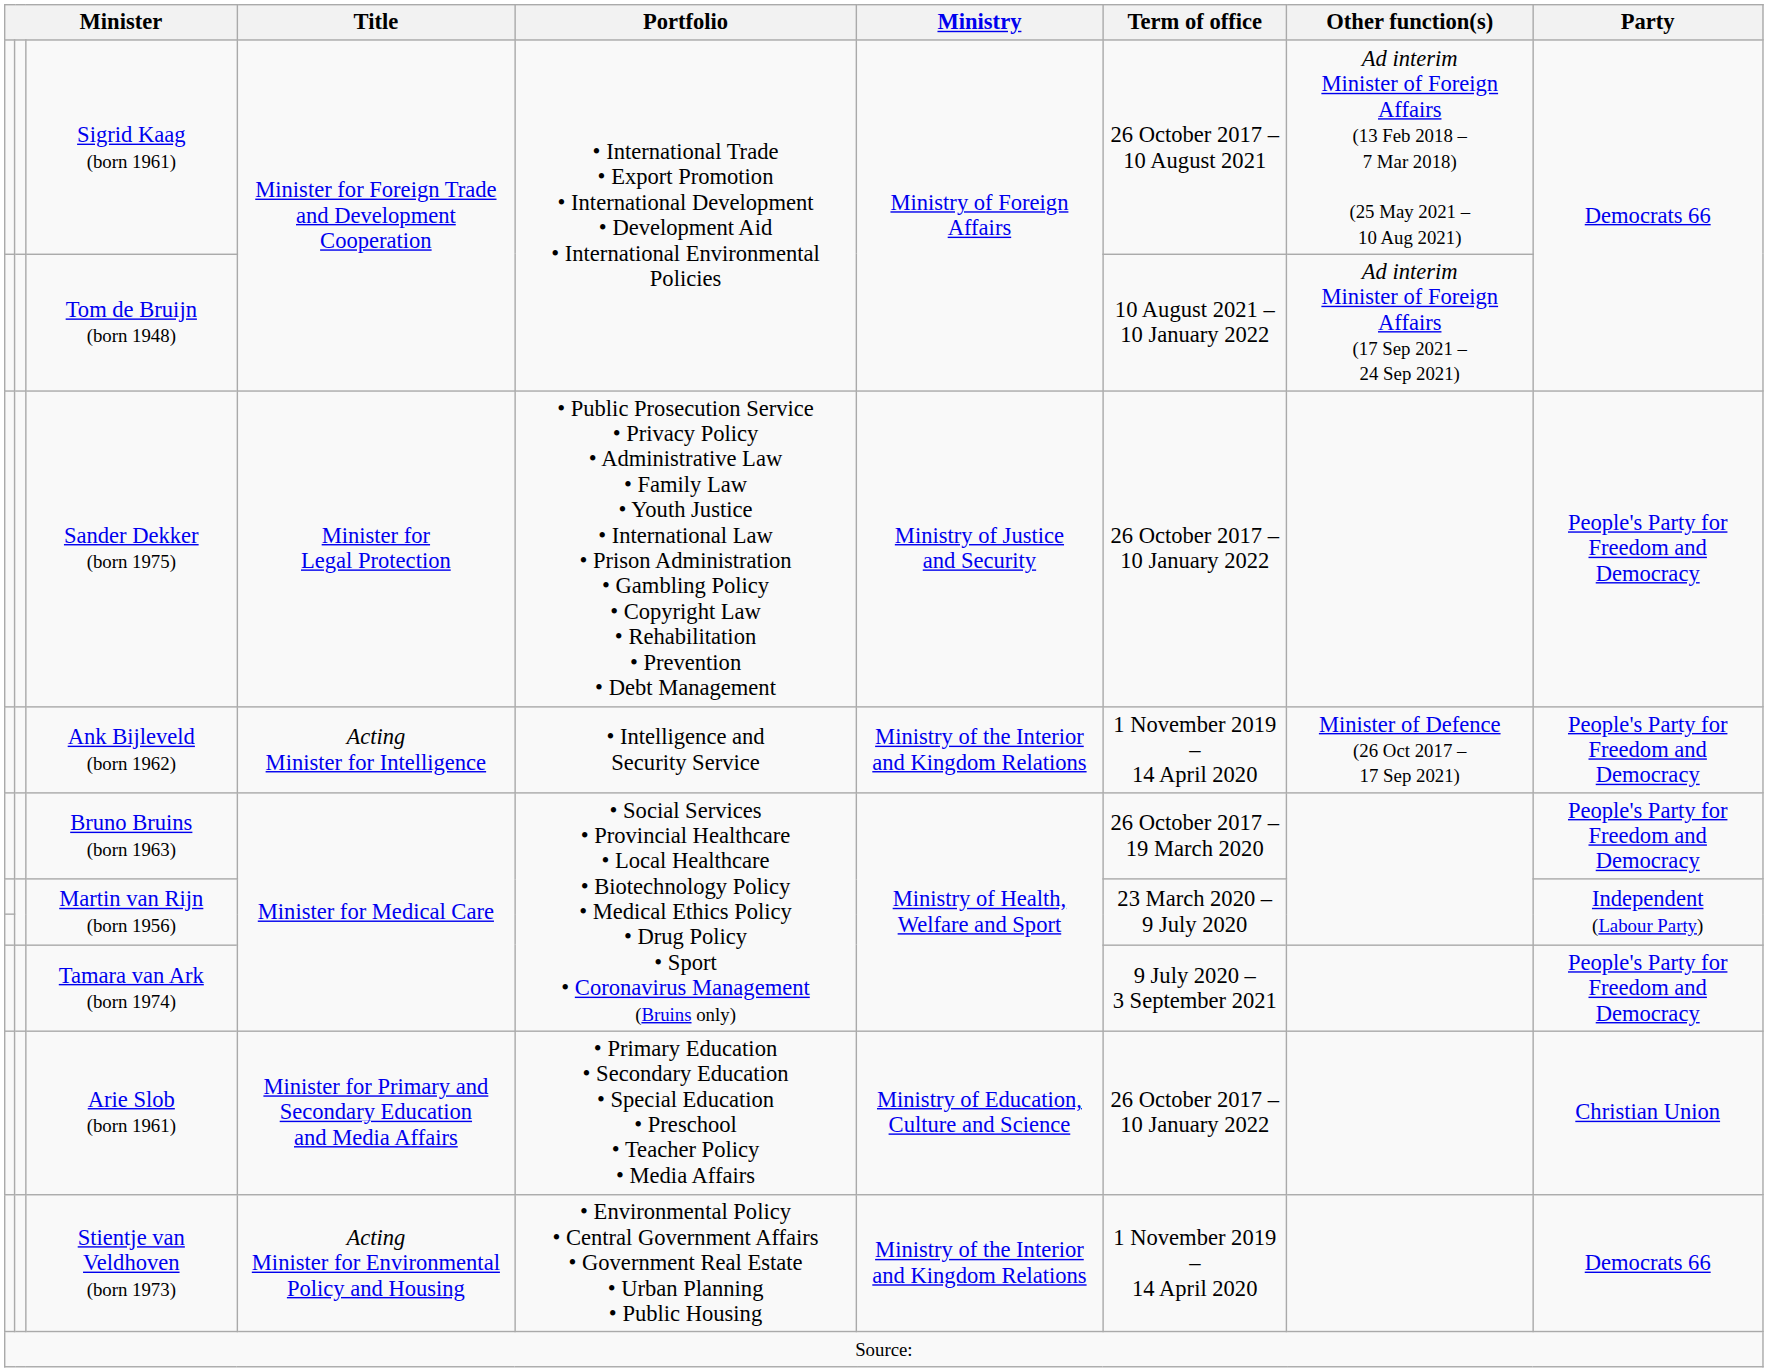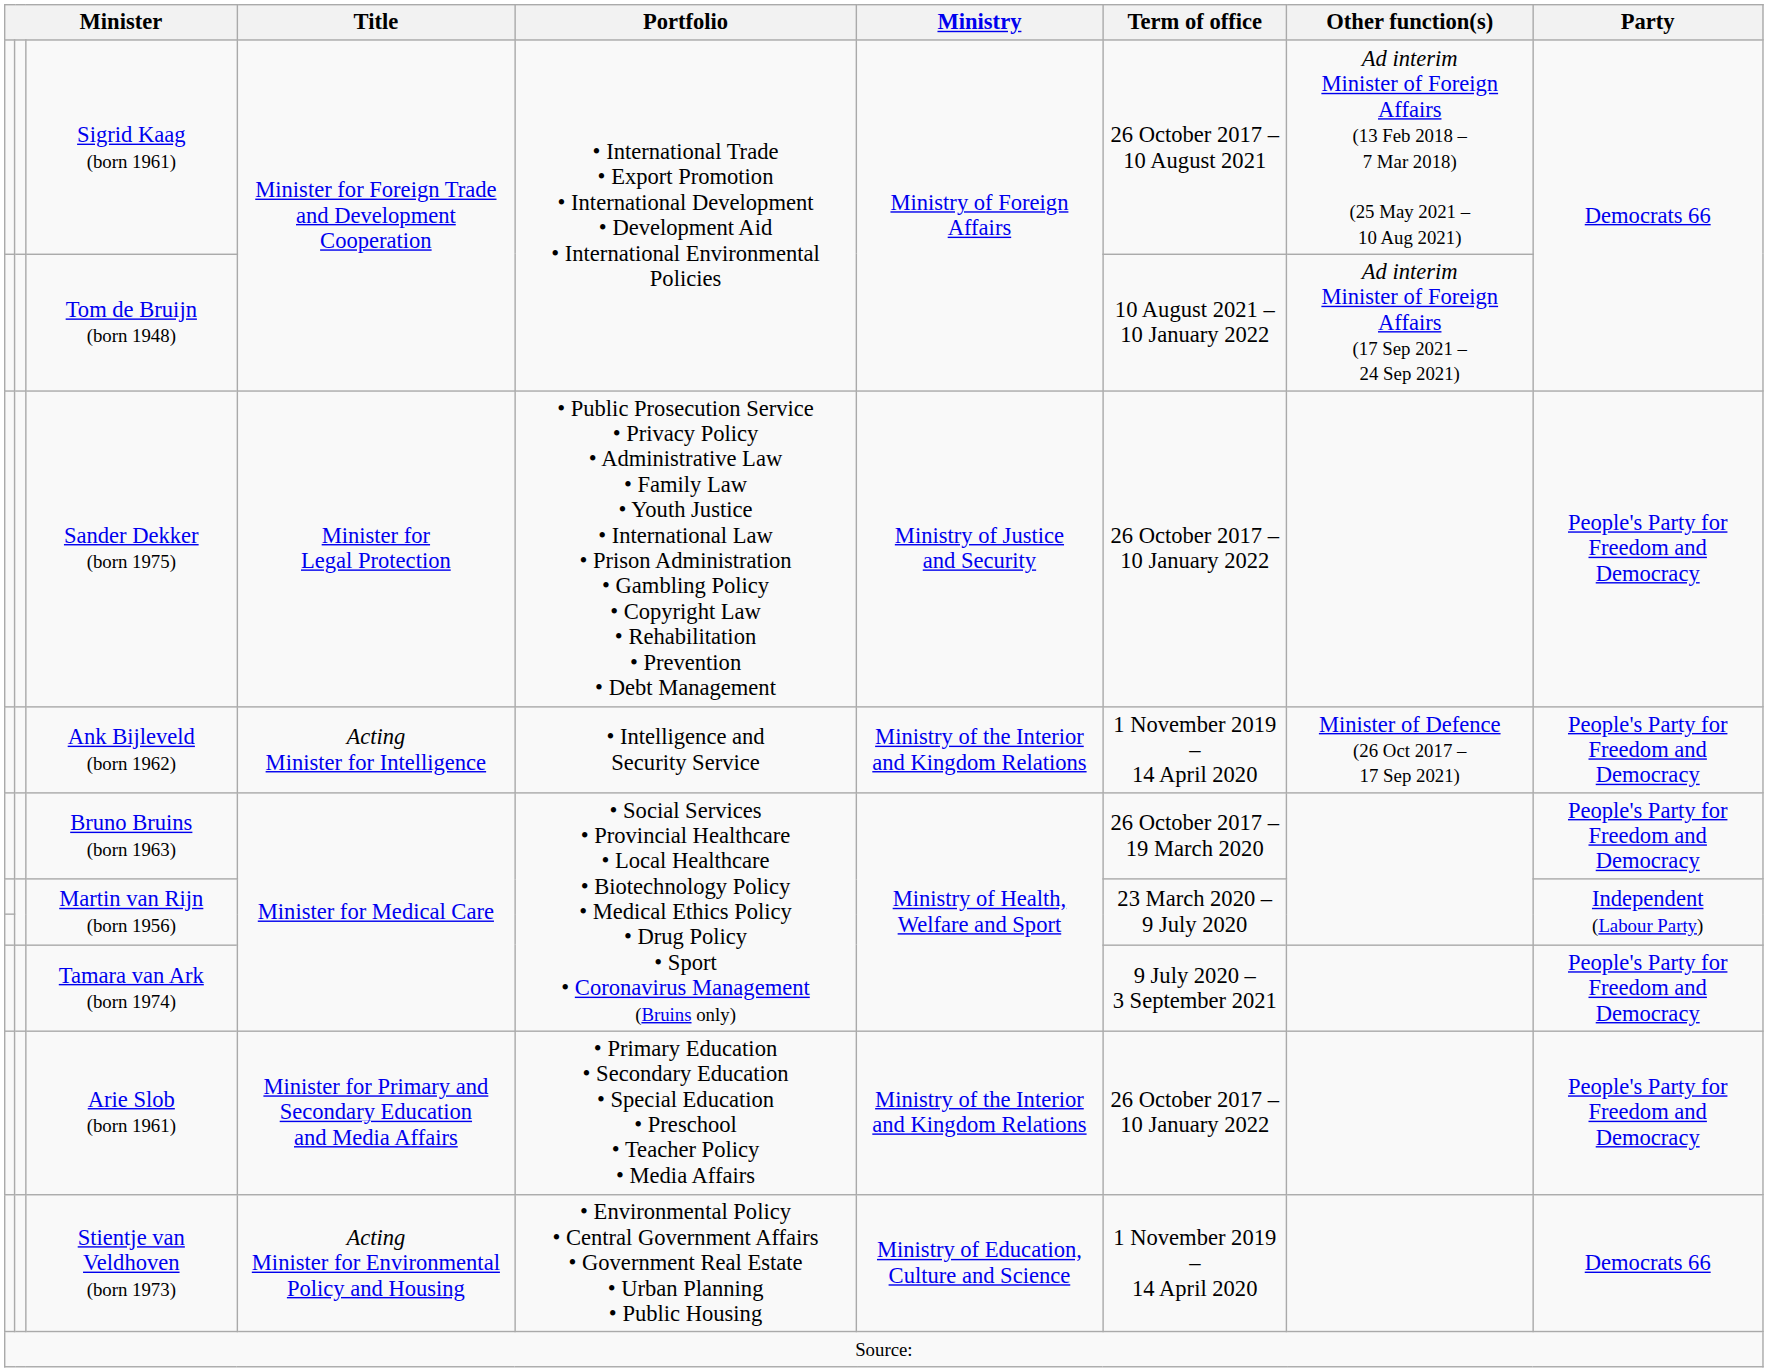 <table class="wikitable" style="text-align:center">
 <tr>
 <th colspan=3>Minister</th>
 <th>Title</th>
 <th>Portfolio</th>
 <th><a href='#'>Ministry</a></th>
 <th>Term of office</th>
 <th>Other function(s)</th>
 <th>Party</th>
 </tr>
 <tr>
 <td style="background:"></td>
 <td></td>
 <td><a href='#'>Sigrid Kaag</a> <br> <small>(born 1961)</small></td>
 <td rowspan=2><a href='#'>Minister for Foreign Trade <br> and Development Cooperation</a></td>
 <td rowspan=2>• International Trade <br> • Export Promotion <br> • International Development <br> • Development Aid <br> • International Environmental Policies</td>
 <td rowspan=2><a href='#'>Ministry of Foreign Affairs</a></td>
 <td>26 October 2017 – <br> 10 August 2021 <br> </td>
 <td><em>Ad interim</em> <br> <a href='#'>Minister of Foreign Affairs</a> <br> <small>(13 Feb 2018 – <br> 7 Mar 2018) <br> <br> (25 May 2021 – <br> 10 Aug 2021)</small></td>
 <td rowspan=2><a href='#'>Democrats 66</a></td>
 </tr>
 <tr>
 <td style="background:"></td>
 <td></td>
 <td><a href='#'>Tom de Bruijn</a> <br> <small>(born 1948)</small></td>
 <td>10 August 2021 – <br> 10 January 2022</td>
 <td><em>Ad interim</em> <br> <a href='#'>Minister of Foreign Affairs</a> <br> <small>(17 Sep 2021 – <br> 24 Sep 2021)</small></td>
 </tr>
 <tr>
 <td style="background:"></td>
 <td></td>
 <td><a href='#'>Sander Dekker</a> <br> <small>(born 1975)</small></td>
 <td><a href='#'>Minister for <br> Legal Protection</a></td>
 <td>• Public Prosecution Service <br> • Privacy Policy <br> • Administrative Law <br> • Family Law <br> • Youth Justice <br> • International Law <br> • Prison Administration <br> • Gambling Policy <br> • Copyright Law <br> • Rehabilitation <br> • Prevention <br> • Debt Management</td>
 <td><a href='#'>Ministry of Justice <br> and Security</a></td>
 <td>26 October 2017 – <br> 10 January 2022</td>
 <td></td>
 <td><a href='#'>People's Party for <br> Freedom and Democracy</a></td>
 </tr>
 <tr>
 <td style="background:"></td>
 <td></td>
 <td><a href='#'>Ank Bijleveld</a> <br> <small>(born 1962)</small></td>
 <td><em>Acting</em> <br> <a href='#'>Minister for Intelligence</a></td>
 <td>• Intelligence and <br> Security Service</td>
 <td><a href='#'>Ministry of the Interior <br> and Kingdom Relations</a></td>
 <td>1 November 2019 – <br> 14 April 2020</td>
 <td><a href='#'>Minister of Defence</a> <br> <small>(26 Oct 2017 – <br> 17 Sep 2021)</small></td>
 <td><a href='#'>People's Party for <br> Freedom and Democracy</a></td>
 </tr>
 <tr>
 <td style="background:"></td>
 <td></td>
 <td><a href='#'>Bruno Bruins</a> <br> <small>(born 1963)</small></td>
 <td rowspan=4><a href='#'>Minister for Medical Care</a></td>
 <td rowspan=4>• Social Services <br> • Provincial Healthcare <br> • Local Healthcare <br> • Biotechnology Policy <br> • Medical Ethics Policy <br> • Drug Policy <br> • Sport <br> • <a href='#'>Coronavirus Management</a> <br> <small>(<a href='#'>Bruins</a> only)</small></td>
 <td rowspan=4><a href='#'>Ministry of Health, <br> Welfare and Sport</a></td>
 <td>26 October 2017 – <br> 19 March 2020 <br> </td>
 <td rowspan=3></td>
 <td><a href='#'>People's Party for <br> Freedom and Democracy</a></td>
 </tr>
 <tr>
 <td style="background:"></td>
 <td rowspan=2></td>
 <td rowspan=2><a href='#'>Martin van Rijn</a> <br> <small>(born 1956)</small> <br> </td>
 <td rowspan=2>23 March 2020 – <br> 9 July 2020</td>
 <td rowspan=2><a href='#'>Independent</a> <br> <small>(<a href='#'>Labour Party</a>)</small> <br> </td>
 </tr>
 <tr>
 <td style="background:"></td>
 </tr>
 <tr>
 <td style="background:"></td>
 <td></td>
 <td><a href='#'>Tamara van Ark</a> <br> <small>(born 1974)</small></td>
 <td>9 July 2020 – <br> 3 September 2021 <br> </td>
 <td></td>
 <td><a href='#'>People's Party for <br> Freedom and Democracy</a></td>
 </tr>
 <tr>
 <td style="background:"></td>
 <td></td>
 <td><a href='#'>Arie Slob</a> <br> <small>(born 1961)</small></td>
 <td><a href='#'>Minister for Primary and <br> Secondary Education <br> and Media Affairs</a></td>
 <td>• Primary Education <br> • Secondary Education <br> • Special Education <br> • Preschool <br> • Teacher Policy <br> • Media Affairs</td>
-<td><a href='#'>Ministry of Education, <br> Culture and Science</a></td>
+<td><a href='#'>Ministry of the Interior <br> and Kingdom Relations</a></td>
 <td>26 October 2017 – <br> 10 January 2022</td>
 <td></td>
-<td><a href='#'>Christian Union</a></td>
+<td><a href='#'>People's Party for <br> Freedom and Democracy</a></td>
 </tr>
 <tr>
 <td style="background:"></td>
 <td></td>
 <td><a href='#'>Stientje van Veldhoven</a> <br> <small>(born 1973)</small></td>
 <td><em>Acting</em> <br> <a href='#'>Minister for Environmental <br> Policy and Housing</a></td>
 <td>• Environmental Policy <br> • Central Government Affairs <br> • Government Real Estate <br> • Urban Planning <br> • Public Housing</td>
-<td><a href='#'>Ministry of the Interior <br> and Kingdom Relations</a></td>
+<td><a href='#'>Ministry of Education, <br> Culture and Science</a></td>
 <td>1 November 2019 – <br> 14 April 2020</td>
 <td></td>
 <td><a href='#'>Democrats 66</a></td>
 </tr>
 <tr>
 <td colspan=9><small>Source:</small></td>
 </tr>
 </table>
